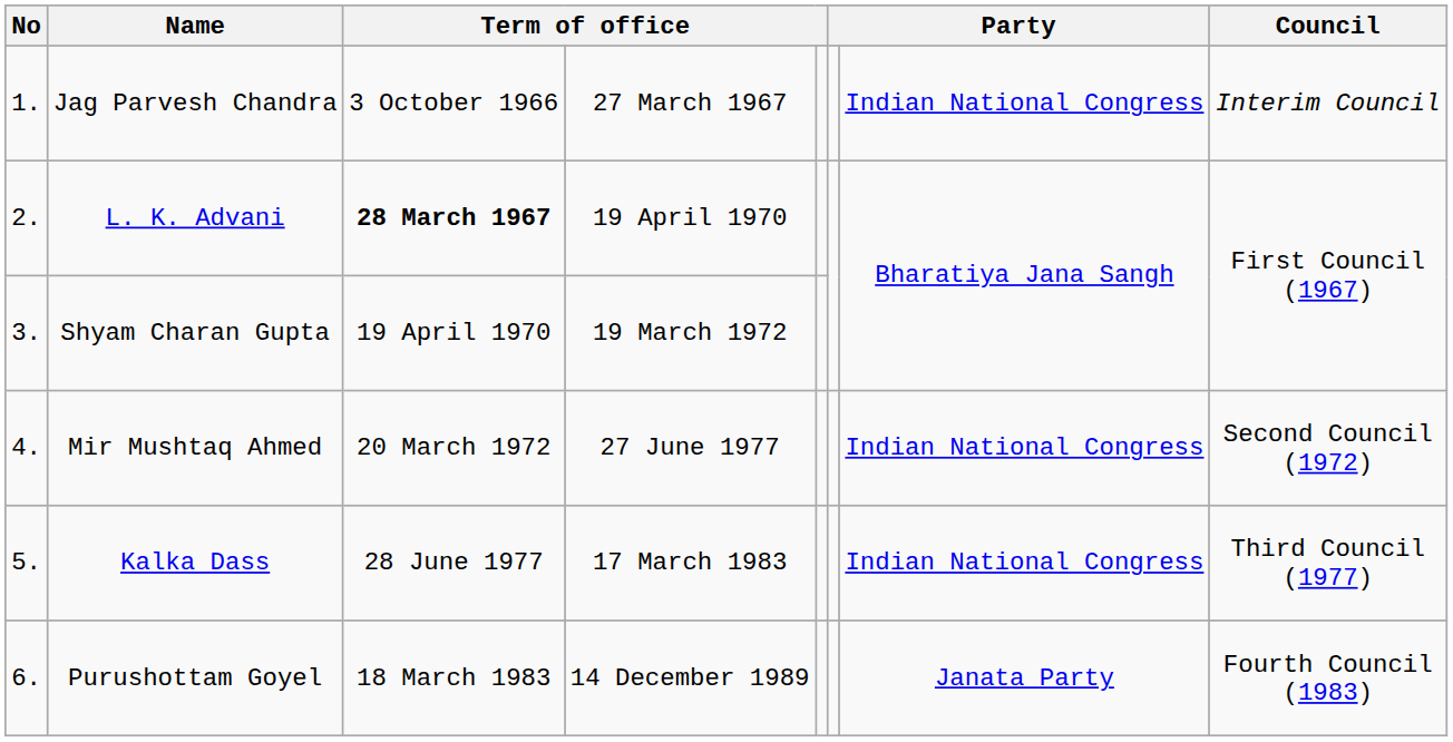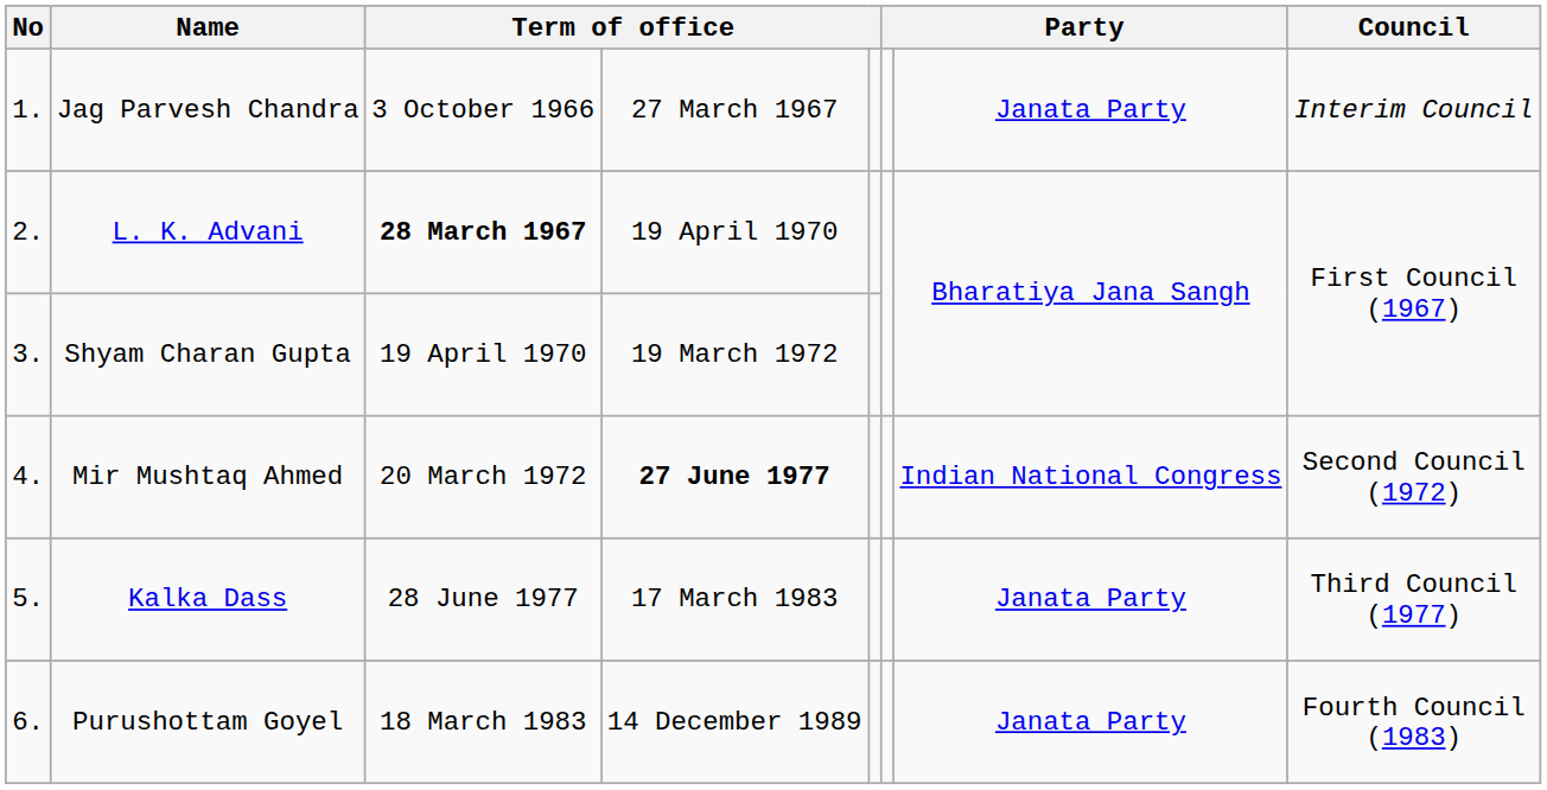 <table class="wikitable">
 <tr>
 <th>No</th>
 <th>Name</th>
 <th colspan=3>Term of office</th>
 <th colspan=2>Party</th>
 <th>Council <br> </th>
 </tr>
 <tr style="text-align:center; height:60px;">
 <td>1.</td>
 <td>Jag Parvesh Chandra</td>
 <td>3 October 1966</td>
 <td>27 March 1967</td>
 <td></td>
 <td></td>
-<td><a href='#'>Indian National Congress</a></td>
+<td><a href='#'>Janata Party</a></td>
 <td><em>Interim Council</em></td>
 </tr>
 <tr style="text-align:center; height:60px;">
 <td>2.</td>
 <td><a href='#'>L. K. Advani</a></td>
 <td><strong>28 March 1967</strong></td>
 <td>19 April 1970</td>
 <td></td>
 <td rowspan="2"></td>
 <td rowspan = "2"><a href='#'>Bharatiya Jana Sangh</a></td>
 <td rowspan = "2">First Council <br>(<a href='#'>1967</a>)</td>
 </tr>
 <tr style="text-align:center; height:60px;">
 <td>3.</td>
 <td>Shyam Charan Gupta</td>
 <td>19 April 1970</td>
 <td>19 March 1972</td>
 <td></td>
 </tr>
 <tr style="text-align:center; height:60px;">
 <td>4.</td>
 <td>Mir Mushtaq Ahmed</td>
 <td>20 March 1972</td>
-<td>27 June 1977</td>
+<td><strong>27 June 1977</strong></td>
 <td></td>
 <td></td>
 <td><a href='#'>Indian National Congress</a></td>
 <td>Second Council <br>(<a href='#'>1972</a>)</td>
 </tr>
 <tr style="text-align:center; height:60px;">
 <td>5.</td>
 <td><a href='#'>Kalka Dass</a></td>
 <td>28 June 1977</td>
 <td>17 March 1983</td>
 <td></td>
 <td></td>
-<td><a href='#'>Indian National Congress</a></td>
+<td><a href='#'>Janata Party</a></td>
 <td>Third Council <br>(<a href='#'>1977</a>)</td>
 </tr>
 <tr style="text-align:center; height:60px;">
 <td>6.</td>
 <td>Purushottam Goyel</td>
 <td>18 March 1983</td>
 <td>14 December 1989</td>
 <td></td>
 <td></td>
 <td><a href='#'>Janata Party</a></td>
 <td>Fourth Council <br>(<a href='#'>1983</a>)</td>
 </tr>
 </table>
